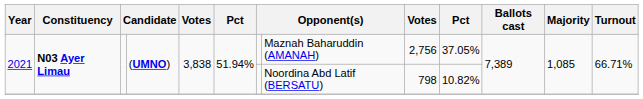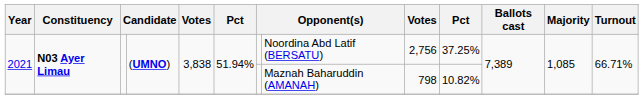 <table class="wikitable" style="margin:0.5em ; font-size:95%">
 <tr>
 <th>Year</th>
 <th>Constituency</th>
 <th colspan=2>Candidate</th>
 <th>Votes</th>
 <th>Pct</th>
 <th colspan=2>Opponent(s)</th>
 <th>Votes</th>
 <th>Pct</th>
 <th>Ballots cast</th>
 <th>Majority</th>
 <th>Turnout</th>
 </tr>
 <tr>
 <td rowspan="2"><a href='#'>2021</a></td>
 <td rowspan="2"><strong>N03 <a href='#'>Ayer Limau</a></strong></td>
 <td rowspan="2" ></td>
 <td rowspan="2"> (<a href='#'><strong>UMNO</strong></a>)</td>
 <td rowspan="2" align="right">3,838</td>
 <td rowspan="2">51.94%</td>
 <td bgcolor=></td>
-<td>Maznah Baharuddin (<a href='#'>AMANAH</a>)</td>
+<td>Noordina Abd Latif (<a href='#'>BERSATU</a>)</td>
 <td align="right">2,756</td>
-<td>37.05%</td>
+<td>37.25%</td>
 <td rowspan="2">7,389</td>
 <td rowspan="2">1,085</td>
 <td rowspan="2">66.71%</td>
 </tr>
 <tr>
 <td></td>
-<td>Noordina Abd Latif (<a href='#'>BERSATU</a>)</td>
+<td>Maznah Baharuddin (<a href='#'>AMANAH</a>)</td>
 <td align="right">798</td>
 <td>10.82%</td>
 </tr>
 <tr>
 </tr>
 </table>
